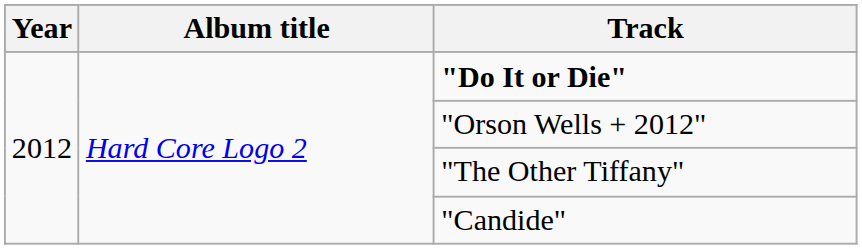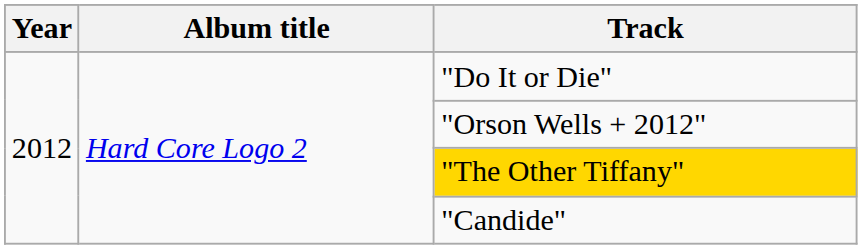 <table class="wikitable" border="1" width="454">
 <tr>
 <th style="width:30px;">Year</th>
 <th>Album title</th>
 <th>Track</th>
 </tr>
 <tr>
 <td rowspan="4">2012</td>
 <td rowspan="4"><em><a href='#'>Hard Core Logo 2</a></em></td>
-<td><strong>"Do It or Die"</strong></td>
+<td>"Do It or Die"</td>
 </tr>
 <tr>
 <td>"Orson Wells + 2012"</td>
 </tr>
 <tr>
-<td>"The Other Tiffany"</td>
+<td style="background: gold;">"The Other Tiffany"</td>
 </tr>
 <tr>
 <td>"Candide"</td>
 </tr>
 </table>
